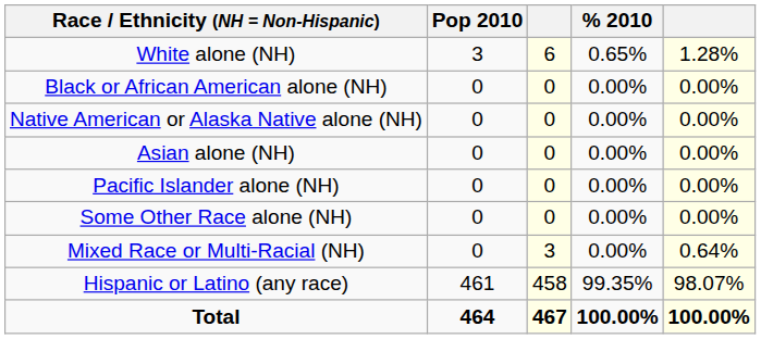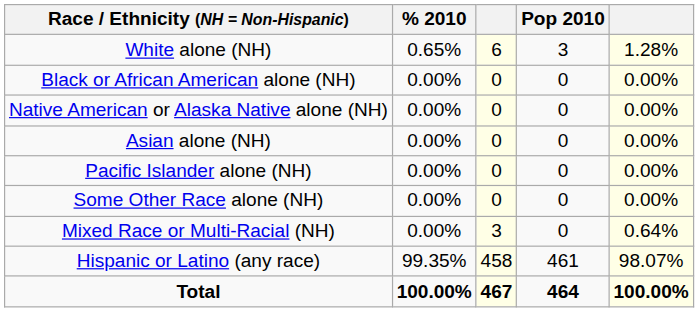 <table class="wikitable" style="text-align:center;">
 <tr>
 <th>Race / Ethnicity <small>(<em>NH = Non-Hispanic</em>)</small></th>
+<th>% 2010</th>
+<th></th>
 <th>Pop 2010</th>
-<th></th>
-<th>% 2010</th>
 <th></th>
 </tr>
 <tr>
 <td><a href='#'>White</a> alone (NH)</td>
+<td>0.65%</td>
+<td style='background: #ffffe6;'>6</td>
 <td>3</td>
-<td style='background: #ffffe6;'>6</td>
-<td>0.65%</td>
 <td style='background: #ffffe6;'>1.28%</td>
 </tr>
 <tr>
 <td><a href='#'>Black or African American</a> alone (NH)</td>
+<td>0.00%</td>
+<td style='background: #ffffe6;'>0</td>
 <td>0</td>
-<td style='background: #ffffe6;'>0</td>
-<td>0.00%</td>
 <td style='background: #ffffe6;'>0.00%</td>
 </tr>
 <tr>
 <td><a href='#'>Native American</a> or <a href='#'>Alaska Native</a> alone (NH)</td>
+<td>0.00%</td>
+<td style='background: #ffffe6;'>0</td>
 <td>0</td>
-<td style='background: #ffffe6;'>0</td>
-<td>0.00%</td>
 <td style='background: #ffffe6;'>0.00%</td>
 </tr>
 <tr>
 <td><a href='#'>Asian</a> alone (NH)</td>
+<td>0.00%</td>
+<td style='background: #ffffe6;'>0</td>
 <td>0</td>
-<td style='background: #ffffe6;'>0</td>
-<td>0.00%</td>
 <td style='background: #ffffe6;'>0.00%</td>
 </tr>
 <tr>
 <td><a href='#'>Pacific Islander</a> alone (NH)</td>
+<td>0.00%</td>
+<td style='background: #ffffe6;'>0</td>
 <td>0</td>
-<td style='background: #ffffe6;'>0</td>
-<td>0.00%</td>
 <td style='background: #ffffe6;'>0.00%</td>
 </tr>
 <tr>
 <td><a href='#'>Some Other Race</a> alone (NH)</td>
+<td>0.00%</td>
+<td style='background: #ffffe6;'>0</td>
 <td>0</td>
-<td style='background: #ffffe6;'>0</td>
-<td>0.00%</td>
 <td style='background: #ffffe6;'>0.00%</td>
 </tr>
 <tr>
 <td><a href='#'>Mixed Race or Multi-Racial</a> (NH)</td>
+<td>0.00%</td>
+<td style='background: #ffffe6;'>3</td>
 <td>0</td>
-<td style='background: #ffffe6;'>3</td>
-<td>0.00%</td>
 <td style='background: #ffffe6;'>0.64%</td>
 </tr>
 <tr>
 <td><a href='#'>Hispanic or Latino</a> (any race)</td>
+<td>99.35%</td>
+<td style='background: #ffffe6;'>458</td>
 <td>461</td>
-<td style='background: #ffffe6;'>458</td>
-<td>99.35%</td>
 <td style='background: #ffffe6;'>98.07%</td>
 </tr>
 <tr>
 <td><strong>Total</strong></td>
+<td><strong>100.00%</strong></td>
+<td style='background: #ffffe6;'><strong>467</strong></td>
 <td><strong>464</strong></td>
-<td style='background: #ffffe6;'><strong>467</strong></td>
-<td><strong>100.00%</strong></td>
 <td style='background: #ffffe6;'><strong>100.00%</strong></td>
 </tr>
 </table>
